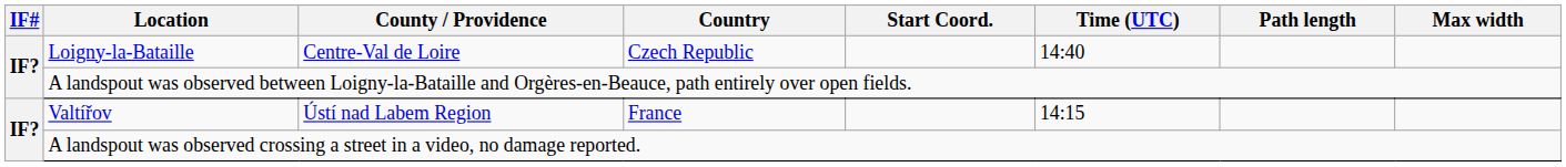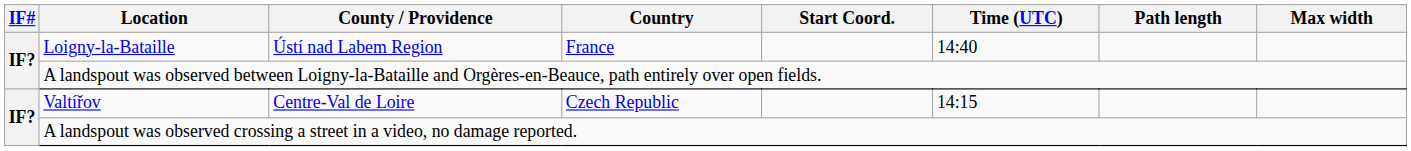 <table class="wikitable sortable" style="width:100%;">
 <tr>
 <th scope="col" width="2%" align="center"><a href='#'>IF#</a></th>
 <th scope="col" align="center" class="unsortable">Location</th>
 <th scope="col" align="center" class="unsortable">County / Providence</th>
 <th scope="col" align="center">Country</th>
 <th scope="col" align="center">Start Coord.</th>
 <th scope="col" align="center">Time (<a href='#'>UTC</a>)</th>
 <th scope="col" align="center">Path length</th>
 <th scope="col" align="center">Max width</th>
 </tr>
 <tr>
 <th scope="row" rowspan="2" style="background-color:#">IF?</th>
 <td><a href='#'>Loigny-la-Bataille</a></td>
-<td><a href='#'>Centre-Val de Loire</a></td>
-<td><a href='#'>Czech Republic</a></td>
+<td><a href='#'>Ústí nad Labem Region</a></td>
+<td><a href='#'>France</a></td>
 <td></td>
 <td>14:40</td>
 <td></td>
 <td></td>
 </tr>
 <tr class="expand-child">
 <td colspan="8" style=" border-bottom: 1px solid black;">A landspout was observed between Loigny-la-Bataille and Orgères-en-Beauce, path entirely over open fields.</td>
 </tr>
 <tr>
 <th scope="row" rowspan="2" style="background-color:#">IF?</th>
 <td><a href='#'>Valtířov</a></td>
-<td><a href='#'>Ústí nad Labem Region</a></td>
-<td><a href='#'>France</a></td>
+<td><a href='#'>Centre-Val de Loire</a></td>
+<td><a href='#'>Czech Republic</a></td>
 <td></td>
 <td>14:15</td>
 <td></td>
 <td></td>
 </tr>
 <tr class="expand-child">
 <td colspan="8" style=" border-bottom: 1px solid black;">A landspout was observed crossing a street in a video, no damage reported.</td>
 </tr>
 </table>
